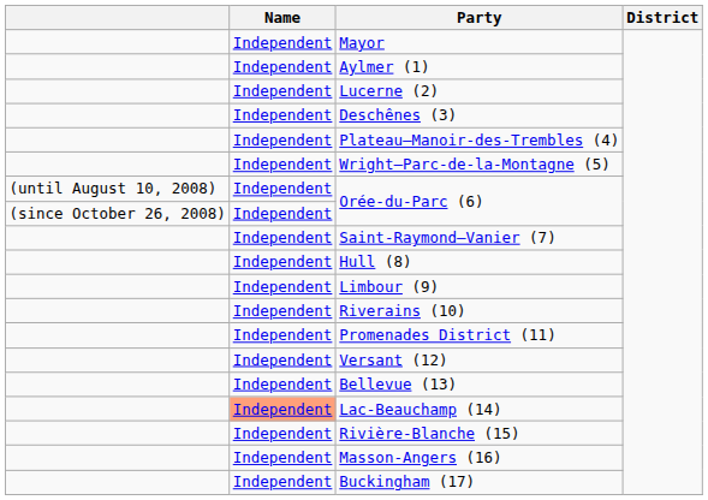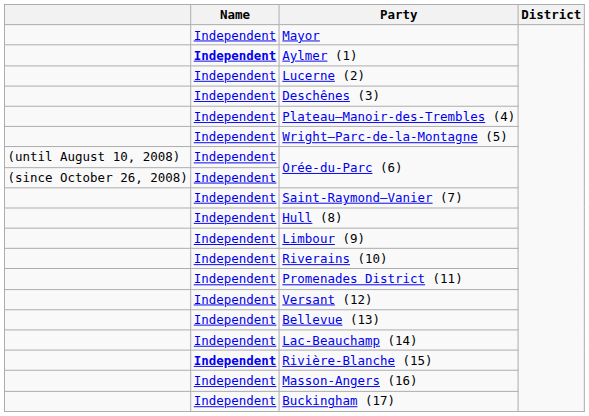 <table class="wikitable sortable">
 <tr>
 <th></th>
 <th>Name</th>
 <th>Party</th>
 <th>District</th>
 </tr>
 <tr>
 <td><strong></strong></td>
 <td><a href='#'>Independent</a></td>
 <td><a href='#'>Mayor</a></td>
 </tr>
 <tr>
 <td></td>
-<td><a href='#'>Independent</a></td>
+<td><strong><a href='#'>Independent</a></strong></td>
 <td><a href='#'>Aylmer</a> (1)</td>
 </tr>
 <tr>
 <td></td>
 <td><a href='#'>Independent</a></td>
 <td><a href='#'>Lucerne</a> (2)</td>
 </tr>
 <tr>
 <td></td>
 <td><a href='#'>Independent</a></td>
 <td><a href='#'>Deschênes</a> (3)</td>
 </tr>
 <tr>
 <td></td>
 <td><a href='#'>Independent</a></td>
 <td><a href='#'>Plateau–Manoir-des-Trembles</a> (4)</td>
 </tr>
 <tr>
 <td></td>
 <td><a href='#'>Independent</a></td>
 <td><a href='#'>Wright–Parc-de-la-Montagne</a> (5)</td>
 </tr>
 <tr>
 <td> (until August 10, 2008)</td>
 <td><a href='#'>Independent</a></td>
 <td rowspan="2"><a href='#'>Orée-du-Parc</a> (6)</td>
 </tr>
 <tr>
 <td> (since October 26, 2008)</td>
 <td><a href='#'>Independent</a></td>
 </tr>
 <tr>
 <td></td>
 <td><a href='#'>Independent</a></td>
 <td><a href='#'>Saint-Raymond–Vanier</a> (7)</td>
 </tr>
 <tr>
 <td></td>
 <td><a href='#'>Independent</a></td>
 <td><a href='#'>Hull</a> (8)</td>
 </tr>
 <tr>
 <td></td>
 <td><a href='#'>Independent</a></td>
 <td><a href='#'>Limbour</a> (9)</td>
 </tr>
 <tr>
 <td></td>
 <td><a href='#'>Independent</a></td>
 <td><a href='#'>Riverains</a> (10)</td>
 </tr>
 <tr>
 <td></td>
 <td><a href='#'>Independent</a></td>
 <td><a href='#'>Promenades District</a> (11)</td>
 </tr>
 <tr>
 <td></td>
 <td><a href='#'>Independent</a></td>
 <td><a href='#'>Versant</a> (12)</td>
 </tr>
 <tr>
 <td></td>
 <td><a href='#'>Independent</a></td>
 <td><a href='#'>Bellevue</a> (13)</td>
 </tr>
 <tr>
 <td></td>
-<td style="background: lightsalmon;"><a href='#'>Independent</a></td>
+<td><a href='#'>Independent</a></td>
 <td><a href='#'>Lac-Beauchamp</a> (14)</td>
 </tr>
 <tr>
 <td></td>
-<td><a href='#'>Independent</a></td>
+<td><strong><a href='#'>Independent</a></strong></td>
 <td><a href='#'>Rivière-Blanche</a> (15)</td>
 </tr>
 <tr>
 <td></td>
 <td><a href='#'>Independent</a></td>
 <td><a href='#'>Masson-Angers</a> (16)</td>
 </tr>
 <tr>
 <td></td>
 <td><a href='#'>Independent</a></td>
 <td><a href='#'>Buckingham</a> (17)</td>
 </tr>
 </table>
